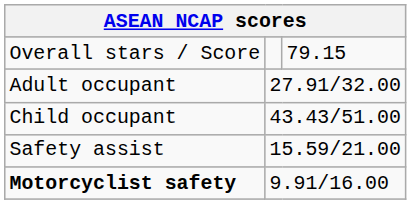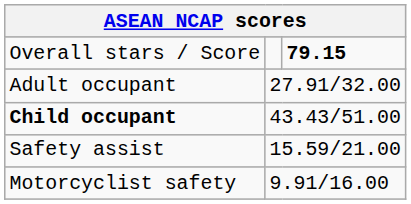 <table class="wikitable">
 <tr>
 <th colspan="3"><a href='#'>ASEAN NCAP</a> scores</th>
 </tr>
 <tr>
 <td>Overall stars / Score</td>
 <td></td>
-<td>79.15</td>
+<td><strong>79.15</strong></td>
 </tr>
 <tr>
 <td>Adult occupant</td>
 <td colspan="2">27.91/32.00</td>
 </tr>
 <tr>
-<td>Child occupant</td>
+<td><strong>Child occupant</strong></td>
 <td colspan="2">43.43/51.00</td>
 </tr>
 <tr>
 <td>Safety assist</td>
 <td colspan="2">15.59/21.00</td>
 </tr>
 <tr>
-<td><strong>Motorcyclist safety</strong></td>
+<td>Motorcyclist safety</td>
 <td colspan="2">9.91/16.00</td>
 </tr>
 </table>
